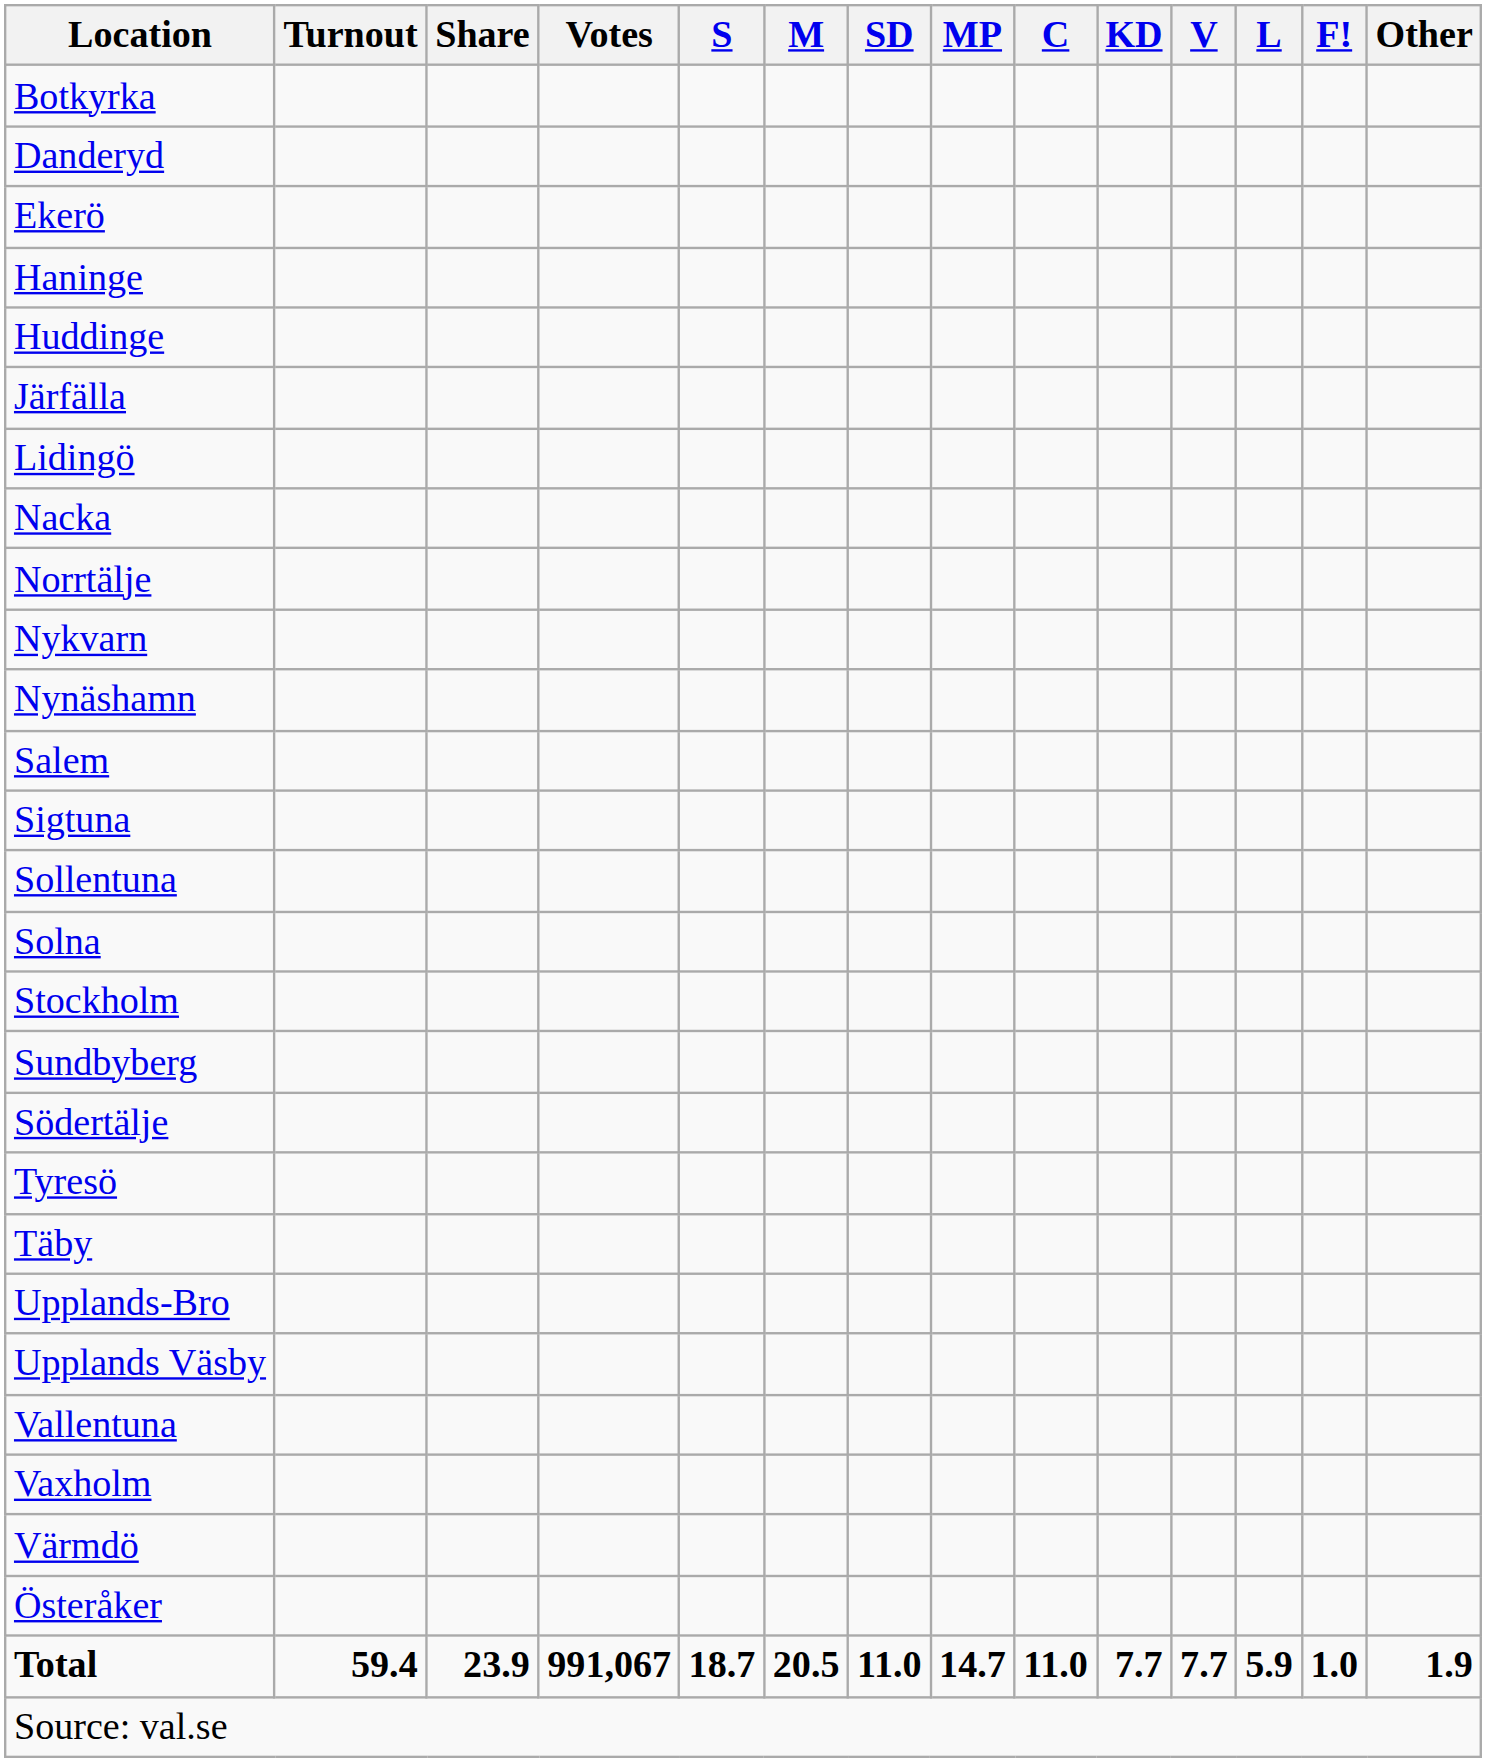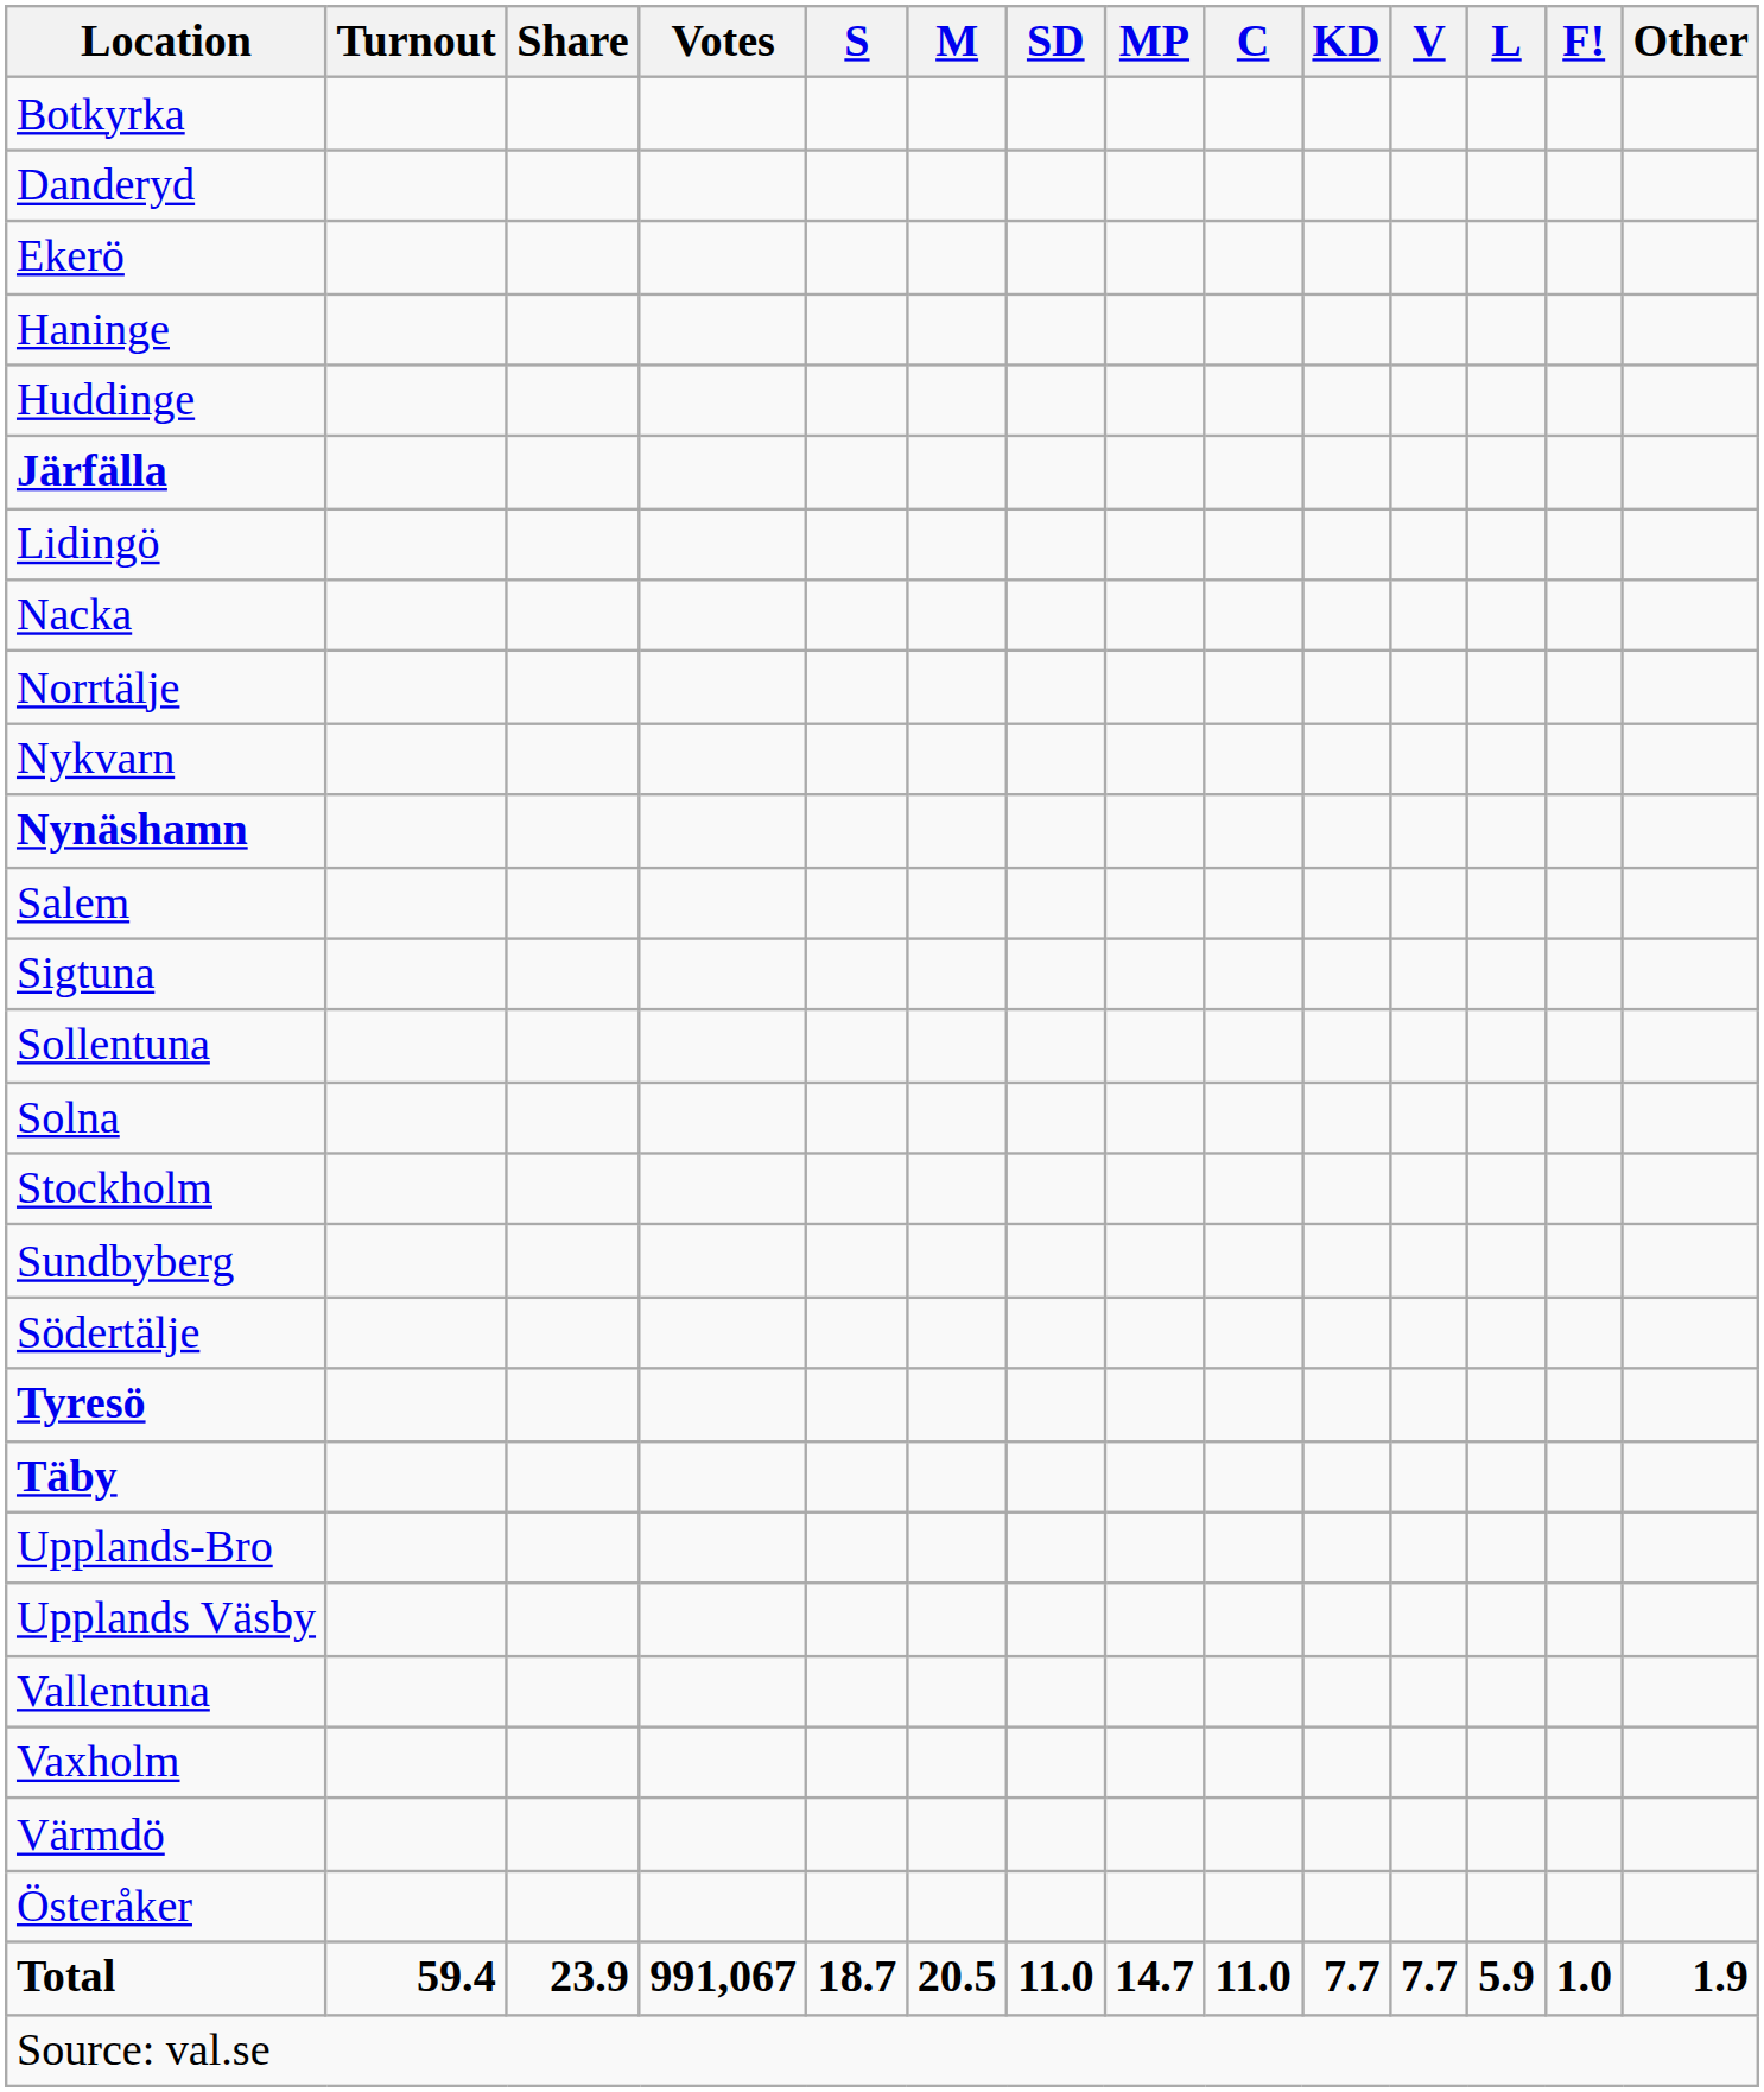 <table class="wikitable sortable" style=text-align:right>
 <tr>
 <th>Location</th>
 <th>Turnout</th>
 <th>Share</th>
 <th>Votes</th>
 <th><a href='#'>S</a></th>
 <th><a href='#'>M</a></th>
 <th><a href='#'>SD</a></th>
 <th><a href='#'>MP</a></th>
 <th><a href='#'>C</a></th>
 <th><a href='#'>KD</a></th>
 <th><a href='#'>V</a></th>
 <th><a href='#'>L</a></th>
 <th><a href='#'>F!</a></th>
 <th>Other</th>
 </tr>
 <tr>
 <td align=left><a href='#'>Botkyrka</a></td>
 <td></td>
 <td></td>
 <td></td>
 <td></td>
 <td></td>
 <td></td>
 <td></td>
 <td></td>
 <td></td>
 <td></td>
 <td></td>
 <td></td>
 <td></td>
 </tr>
 <tr>
 <td align=left><a href='#'>Danderyd</a></td>
 <td></td>
 <td></td>
 <td></td>
 <td></td>
 <td></td>
 <td></td>
 <td></td>
 <td></td>
 <td></td>
 <td></td>
 <td></td>
 <td></td>
 <td></td>
 </tr>
 <tr>
 <td align=left><a href='#'>Ekerö</a></td>
 <td></td>
 <td></td>
 <td></td>
 <td></td>
 <td></td>
 <td></td>
 <td></td>
 <td></td>
 <td></td>
 <td></td>
 <td></td>
 <td></td>
 <td></td>
 </tr>
 <tr>
 <td align=left><a href='#'>Haninge</a></td>
 <td></td>
 <td></td>
 <td></td>
 <td></td>
 <td></td>
 <td></td>
 <td></td>
 <td></td>
 <td></td>
 <td></td>
 <td></td>
 <td></td>
 <td></td>
 </tr>
 <tr>
 <td align=left><a href='#'>Huddinge</a></td>
 <td></td>
 <td></td>
 <td></td>
 <td></td>
 <td></td>
 <td></td>
 <td></td>
 <td></td>
 <td></td>
 <td></td>
 <td></td>
 <td></td>
 <td></td>
 </tr>
 <tr>
-<td align=left><a href='#'>Järfälla</a></td>
+<td align=left><strong><a href='#'>Järfälla</a></strong></td>
 <td></td>
 <td></td>
 <td></td>
 <td></td>
 <td></td>
 <td></td>
 <td></td>
 <td></td>
 <td></td>
 <td></td>
 <td></td>
 <td></td>
 <td></td>
 </tr>
 <tr>
 <td align=left><a href='#'>Lidingö</a></td>
 <td></td>
 <td></td>
 <td></td>
 <td></td>
 <td></td>
 <td></td>
 <td></td>
 <td></td>
 <td></td>
 <td></td>
 <td></td>
 <td></td>
 <td></td>
 </tr>
 <tr>
 <td align=left><a href='#'>Nacka</a></td>
 <td></td>
 <td></td>
 <td></td>
 <td></td>
 <td></td>
 <td></td>
 <td></td>
 <td></td>
 <td></td>
 <td></td>
 <td></td>
 <td></td>
 <td></td>
 </tr>
 <tr>
 <td align=left><a href='#'>Norrtälje</a></td>
 <td></td>
 <td></td>
 <td></td>
 <td></td>
 <td></td>
 <td></td>
 <td></td>
 <td></td>
 <td></td>
 <td></td>
 <td></td>
 <td></td>
 <td></td>
 </tr>
 <tr>
 <td align=left><a href='#'>Nykvarn</a></td>
 <td></td>
 <td></td>
 <td></td>
 <td></td>
 <td></td>
 <td></td>
 <td></td>
 <td></td>
 <td></td>
 <td></td>
 <td></td>
 <td></td>
 <td></td>
 </tr>
 <tr>
-<td align=left><a href='#'>Nynäshamn</a></td>
+<td align=left><strong><a href='#'>Nynäshamn</a></strong></td>
 <td></td>
 <td></td>
 <td></td>
 <td></td>
 <td></td>
 <td></td>
 <td></td>
 <td></td>
 <td></td>
 <td></td>
 <td></td>
 <td></td>
 <td></td>
 </tr>
 <tr>
 <td align=left><a href='#'>Salem</a></td>
 <td></td>
 <td></td>
 <td></td>
 <td></td>
 <td></td>
 <td></td>
 <td></td>
 <td></td>
 <td></td>
 <td></td>
 <td></td>
 <td></td>
 <td></td>
 </tr>
 <tr>
 <td align=left><a href='#'>Sigtuna</a></td>
 <td></td>
 <td></td>
 <td></td>
 <td></td>
 <td></td>
 <td></td>
 <td></td>
 <td></td>
 <td></td>
 <td></td>
 <td></td>
 <td></td>
 <td></td>
 </tr>
 <tr>
 <td align=left><a href='#'>Sollentuna</a></td>
 <td></td>
 <td></td>
 <td></td>
 <td></td>
 <td></td>
 <td></td>
 <td></td>
 <td></td>
 <td></td>
 <td></td>
 <td></td>
 <td></td>
 <td></td>
 </tr>
 <tr>
 <td align=left><a href='#'>Solna</a></td>
 <td></td>
 <td></td>
 <td></td>
 <td></td>
 <td></td>
 <td></td>
 <td></td>
 <td></td>
 <td></td>
 <td></td>
 <td></td>
 <td></td>
 <td></td>
 </tr>
 <tr>
 <td align=left><a href='#'>Stockholm</a></td>
 <td></td>
 <td></td>
 <td></td>
 <td></td>
 <td></td>
 <td></td>
 <td></td>
 <td></td>
 <td></td>
 <td></td>
 <td></td>
 <td></td>
 <td></td>
 </tr>
 <tr>
 <td align=left><a href='#'>Sundbyberg</a></td>
 <td></td>
 <td></td>
 <td></td>
 <td></td>
 <td></td>
 <td></td>
 <td></td>
 <td></td>
 <td></td>
 <td></td>
 <td></td>
 <td></td>
 <td></td>
 </tr>
 <tr>
 <td align=left><a href='#'>Södertälje</a></td>
 <td></td>
 <td></td>
 <td></td>
 <td></td>
 <td></td>
 <td></td>
 <td></td>
 <td></td>
 <td></td>
 <td></td>
 <td></td>
 <td></td>
 <td></td>
 </tr>
 <tr>
-<td align=left><a href='#'>Tyresö</a></td>
+<td align=left><strong><a href='#'>Tyresö</a></strong></td>
 <td></td>
 <td></td>
 <td></td>
 <td></td>
 <td></td>
 <td></td>
 <td></td>
 <td></td>
 <td></td>
 <td></td>
 <td></td>
 <td></td>
 <td></td>
 </tr>
 <tr>
-<td align=left><a href='#'>Täby</a></td>
+<td align=left><strong><a href='#'>Täby</a></strong></td>
 <td></td>
 <td></td>
 <td></td>
 <td></td>
 <td></td>
 <td></td>
 <td></td>
 <td></td>
 <td></td>
 <td></td>
 <td></td>
 <td></td>
 <td></td>
 </tr>
 <tr>
 <td align=left><a href='#'>Upplands-Bro</a></td>
 <td></td>
 <td></td>
 <td></td>
 <td></td>
 <td></td>
 <td></td>
 <td></td>
 <td></td>
 <td></td>
 <td></td>
 <td></td>
 <td></td>
 <td></td>
 </tr>
 <tr>
 <td align=left><a href='#'>Upplands Väsby</a></td>
 <td></td>
 <td></td>
 <td></td>
 <td></td>
 <td></td>
 <td></td>
 <td></td>
 <td></td>
 <td></td>
 <td></td>
 <td></td>
 <td></td>
 <td></td>
 </tr>
 <tr>
 <td align=left><a href='#'>Vallentuna</a></td>
 <td></td>
 <td></td>
 <td></td>
 <td></td>
 <td></td>
 <td></td>
 <td></td>
 <td></td>
 <td></td>
 <td></td>
 <td></td>
 <td></td>
 <td></td>
 </tr>
 <tr>
 <td align=left><a href='#'>Vaxholm</a></td>
 <td></td>
 <td></td>
 <td></td>
 <td></td>
 <td></td>
 <td></td>
 <td></td>
 <td></td>
 <td></td>
 <td></td>
 <td></td>
 <td></td>
 <td></td>
 </tr>
 <tr>
 <td align=left><a href='#'>Värmdö</a></td>
 <td></td>
 <td></td>
 <td></td>
 <td></td>
 <td></td>
 <td></td>
 <td></td>
 <td></td>
 <td></td>
 <td></td>
 <td></td>
 <td></td>
 <td></td>
 </tr>
 <tr>
 <td align=left><a href='#'>Österåker</a></td>
 <td></td>
 <td></td>
 <td></td>
 <td></td>
 <td></td>
 <td></td>
 <td></td>
 <td></td>
 <td></td>
 <td></td>
 <td></td>
 <td></td>
 <td></td>
 </tr>
 <tr>
 <td align=left><strong>Total</strong></td>
 <td><strong>59.4</strong></td>
 <td><strong>23.9</strong></td>
 <td><strong>991,067</strong></td>
 <td><strong>18.7</strong></td>
 <td><strong>20.5</strong></td>
 <td><strong>11.0</strong></td>
 <td><strong>14.7</strong></td>
 <td><strong>11.0</strong></td>
 <td><strong>7.7</strong></td>
 <td><strong>7.7</strong></td>
 <td><strong>5.9</strong></td>
 <td><strong>1.0</strong></td>
 <td><strong>1.9</strong></td>
 </tr>
 <tr>
 <td align=left colspan=14>Source: val.se </td>
 </tr>
 </table>
